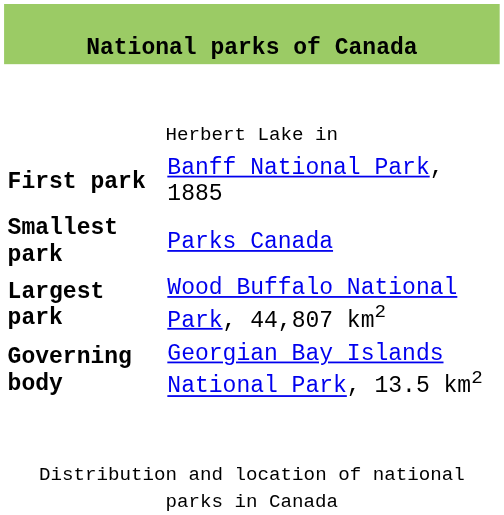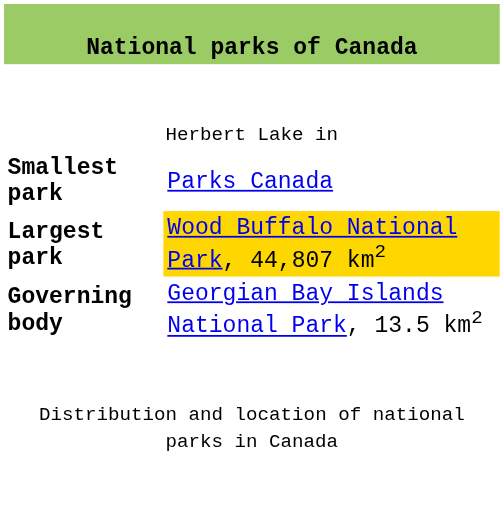 <table class="toccolours" border="0" cellpadding="2" cellspacing="0" width="280px" align="right" style="margin-left:0.5em;">
 <tr>
 <td style="background:#9bcb65; text-align:center;" colspan="2"><br><strong>National parks of Canada</strong><br></td>
 </tr>
 <tr>
 <td style="text-align:center;" colspan="2"><br> <br><small>Herbert Lake in</small> </td>
 </tr>
 <tr>
-<td><strong>First park</strong></td>
-<td><a href='#'>Banff National Park</a>, 1885</td>
-</tr>
-<tr>
 <td><strong>Smallest park</strong></td>
 <td><a href='#'>Parks Canada</a></td>
 </tr>
 <tr>
 <td><strong>Largest park</strong></td>
-<td><a href='#'>Wood Buffalo National Park</a>, 44,807 km<sup>2</sup></td>
+<td style="background: gold;"><a href='#'>Wood Buffalo National Park</a>, 44,807 km<sup>2</sup></td>
 </tr>
 <tr>
 <td><strong>Governing body</strong></td>
 <td><a href='#'>Georgian Bay Islands National Park</a>, 13.5 km<sup>2</sup></td>
 </tr>
 <tr>
 <td style="text-align:center;" colspan="2"><br> <br><small>Distribution and location of national parks in Canada</small></td>
 </tr>
 </table>
